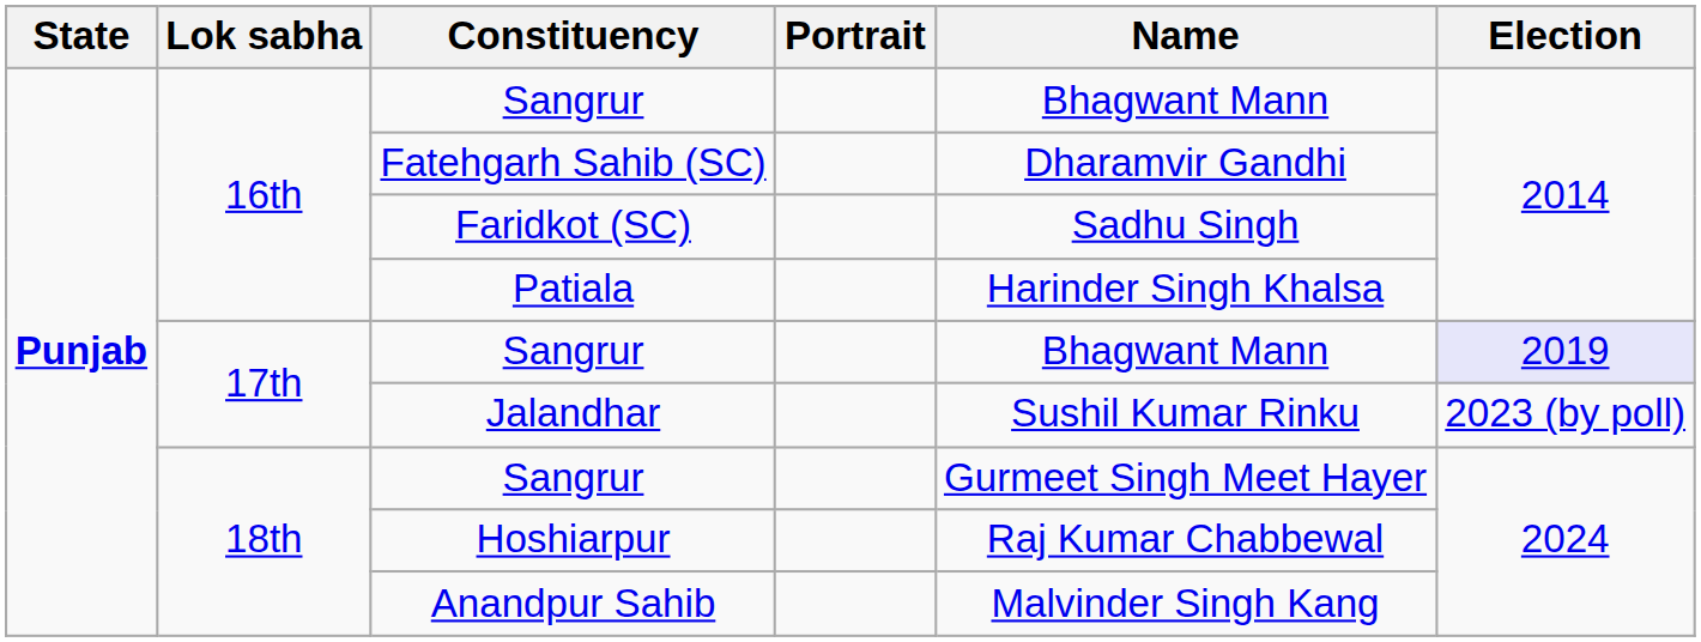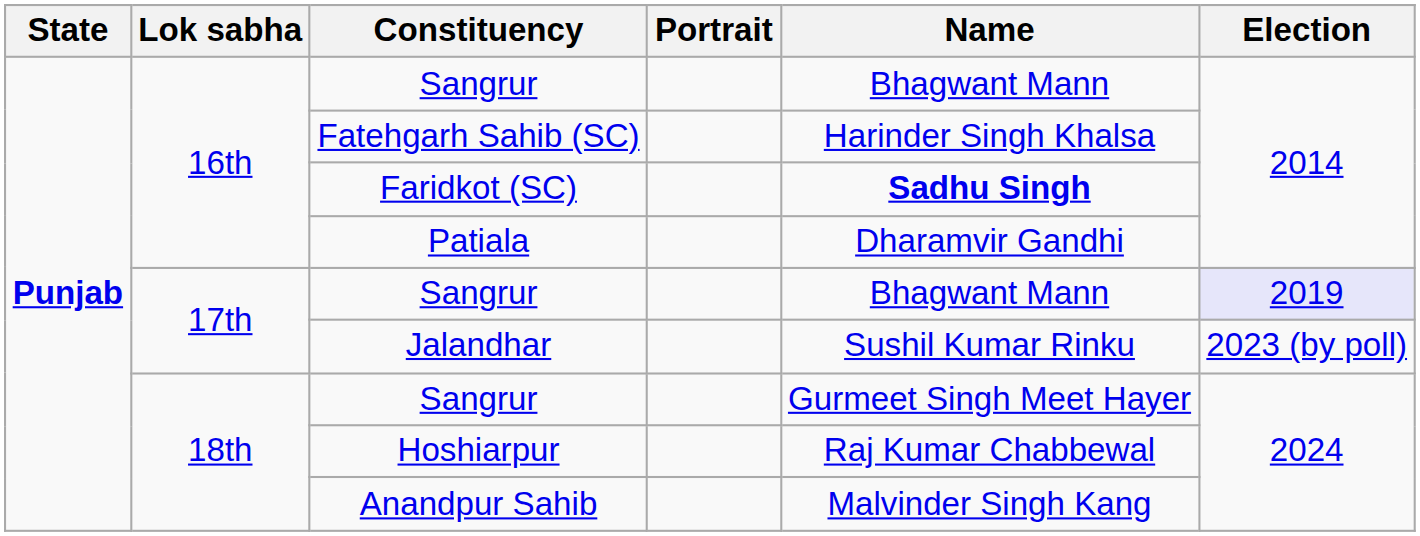 <table class="wikitable sortable" style="text-align:center">
 <tr>
 <th style="background-color:">State</th>
 <th style="background-color:">Lok sabha</th>
 <th Style="background-color:">Constituency</th>
 <th Style="background-color:">Portrait</th>
 <th style="background-color:">Name</th>
 <th Style="background-color:">Election</th>
 </tr>
 <tr>
 <td rowspan="9"><strong><a href='#'>Punjab</a></strong></td>
 <td rowspan="4"><a href='#'>16th</a></td>
 <td><a href='#'>Sangrur</a></td>
 <td></td>
 <td><a href='#'>Bhagwant Mann</a></td>
 <td rowspan="4"><a href='#'>2014</a></td>
 </tr>
 <tr>
 <td><a href='#'>Fatehgarh Sahib (SC)</a></td>
 <td></td>
-<td><a href='#'>Dharamvir Gandhi</a></td>
+<td><a href='#'>Harinder Singh Khalsa</a></td>
 </tr>
 <tr>
 <td><a href='#'>Faridkot (SC)</a></td>
 <td></td>
-<td><a href='#'>Sadhu Singh</a></td>
+<td><strong><a href='#'>Sadhu Singh</a></strong></td>
 </tr>
 <tr>
 <td><a href='#'>Patiala</a></td>
 <td></td>
-<td><a href='#'>Harinder Singh Khalsa</a></td>
+<td><a href='#'>Dharamvir Gandhi</a></td>
 </tr>
 <tr>
 <td rowspan="2"><a href='#'>17th</a></td>
 <td><a href='#'>Sangrur</a></td>
 <td></td>
 <td><a href='#'>Bhagwant Mann</a></td>
 <td style="background: lavender;"><a href='#'>2019</a></td>
 </tr>
 <tr>
 <td><a href='#'>Jalandhar</a></td>
 <td></td>
 <td><a href='#'>Sushil Kumar Rinku</a></td>
 <td><a href='#'>2023 (by poll)</a></td>
 </tr>
 <tr>
 <td rowspan="3"><a href='#'>18th</a></td>
 <td><a href='#'>Sangrur</a></td>
 <td></td>
 <td><a href='#'>Gurmeet Singh Meet Hayer</a></td>
 <td rowspan="3"><a href='#'>2024</a></td>
 </tr>
 <tr>
 <td><a href='#'>Hoshiarpur</a></td>
 <td></td>
 <td><a href='#'>Raj Kumar Chabbewal</a></td>
 </tr>
 <tr>
 <td><a href='#'>Anandpur Sahib</a></td>
 <td></td>
 <td><a href='#'>Malvinder Singh Kang</a></td>
 </tr>
 </table>
